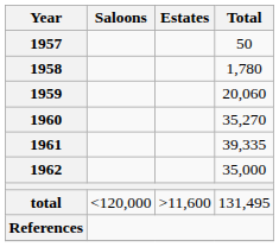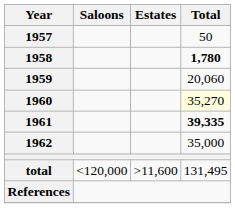 <table class="wikitable" style="text-align:center">
 <tr>
 <th>Year</th>
 <th>Saloons</th>
 <th>Estates</th>
 <th>Total</th>
 </tr>
 <tr>
 <th>1957</th>
 <td></td>
 <td></td>
 <td>50</td>
 </tr>
 <tr>
 <th>1958</th>
 <td></td>
 <td></td>
-<td>1,780</td>
+<td><strong>1,780</strong></td>
 </tr>
 <tr>
 <th>1959</th>
 <td></td>
 <td></td>
 <td>20,060</td>
 </tr>
 <tr>
 <th>1960</th>
 <td></td>
 <td></td>
-<td>35,270</td>
+<td style="background: lightyellow;">35,270</td>
 </tr>
 <tr>
 <th>1961</th>
 <td></td>
 <td></td>
-<td>39,335</td>
+<td><strong>39,335</strong></td>
 </tr>
 <tr>
 <th>1962</th>
 <td></td>
 <td></td>
 <td>35,000</td>
 </tr>
 <tr>
 <th colspan="4"></th>
 </tr>
 <tr>
 <th>total</th>
 <td><120,000</td>
 <td>>11,600</td>
 <td>131,495</td>
 </tr>
 <tr>
 <th>References</th>
 <td colspan="3"></td>
 </tr>
 <tr>
 </tr>
 </table>
